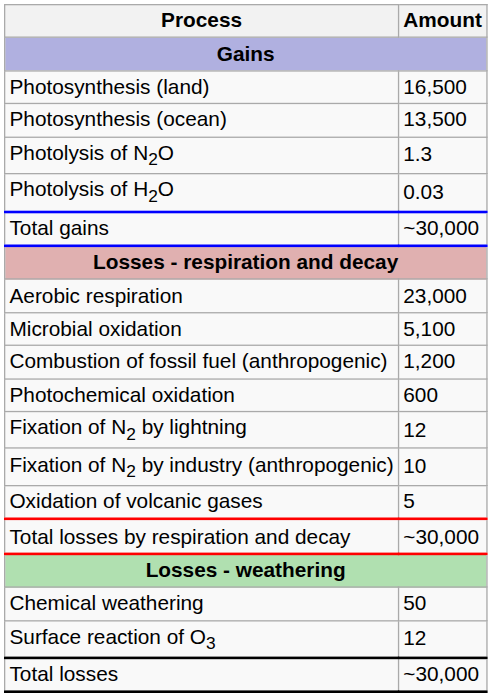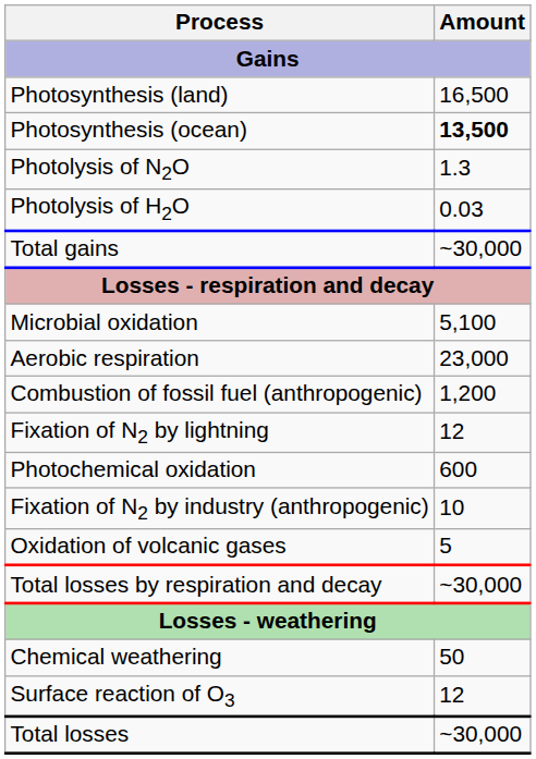 <table class="wikitable col2right">
 <tr>
 <th>Process</th>
 <th>Amount</th>
 </tr>
 <tr>
 <th colspan="2" style="background:#b0b0e0;">Gains</th>
 </tr>
 <tr>
 <td>Photosynthesis (land)</td>
 <td>16,500</td>
 </tr>
 <tr>
 <td>Photosynthesis (ocean)</td>
-<td>13,500</td>
+<td><strong>13,500</strong></td>
 </tr>
 <tr>
 <td>Photolysis of N<sub>2</sub>O</td>
 <td>1.3</td>
 </tr>
 <tr>
 <td>Photolysis of H<sub>2</sub>O</td>
 <td>0.03</td>
 </tr>
 <tr style="border-top:2px solid blue;border-bottom:2px solid blue;">
 <td>Total gains</td>
 <td>~30,000</td>
 </tr>
 <tr>
 <th colspan="2" style="background:#e0b0b0;">Losses - respiration and decay</th>
 </tr>
 <tr>
+<td>Microbial oxidation</td>
+<td>5,100</td>
+</tr>
+<tr>
 <td>Aerobic respiration</td>
 <td>23,000</td>
-</tr>
-<tr>
-<td>Microbial oxidation</td>
-<td>5,100</td>
 </tr>
 <tr>
 <td>Combustion of fossil fuel (anthropogenic)</td>
 <td>1,200</td>
 </tr>
 <tr>
+<td>Fixation of N<sub>2</sub> by lightning</td>
+<td>12</td>
+</tr>
+<tr>
 <td>Photochemical oxidation</td>
 <td>600</td>
-</tr>
-<tr>
-<td>Fixation of N<sub>2</sub> by lightning</td>
-<td>12</td>
 </tr>
 <tr>
 <td>Fixation of N<sub>2</sub> by industry (anthropogenic)</td>
 <td>10</td>
 </tr>
 <tr>
 <td>Oxidation of volcanic gases</td>
 <td>5</td>
 </tr>
 <tr style="border-top:2px solid red;border-bottom:2px solid red;">
 <td>Total losses by respiration and decay</td>
 <td>~30,000</td>
 </tr>
 <tr>
 <th colspan="2" style="background:#b0e0b0;">Losses - weathering</th>
 </tr>
 <tr>
 <td>Chemical weathering</td>
 <td>50</td>
 </tr>
 <tr>
 <td>Surface reaction of O<sub>3</sub></td>
 <td>12</td>
 </tr>
 <tr style="border-top:2px solid black;border-bottom:2px solid black;">
 <td>Total losses</td>
 <td>~30,000</td>
 </tr>
 </table>
